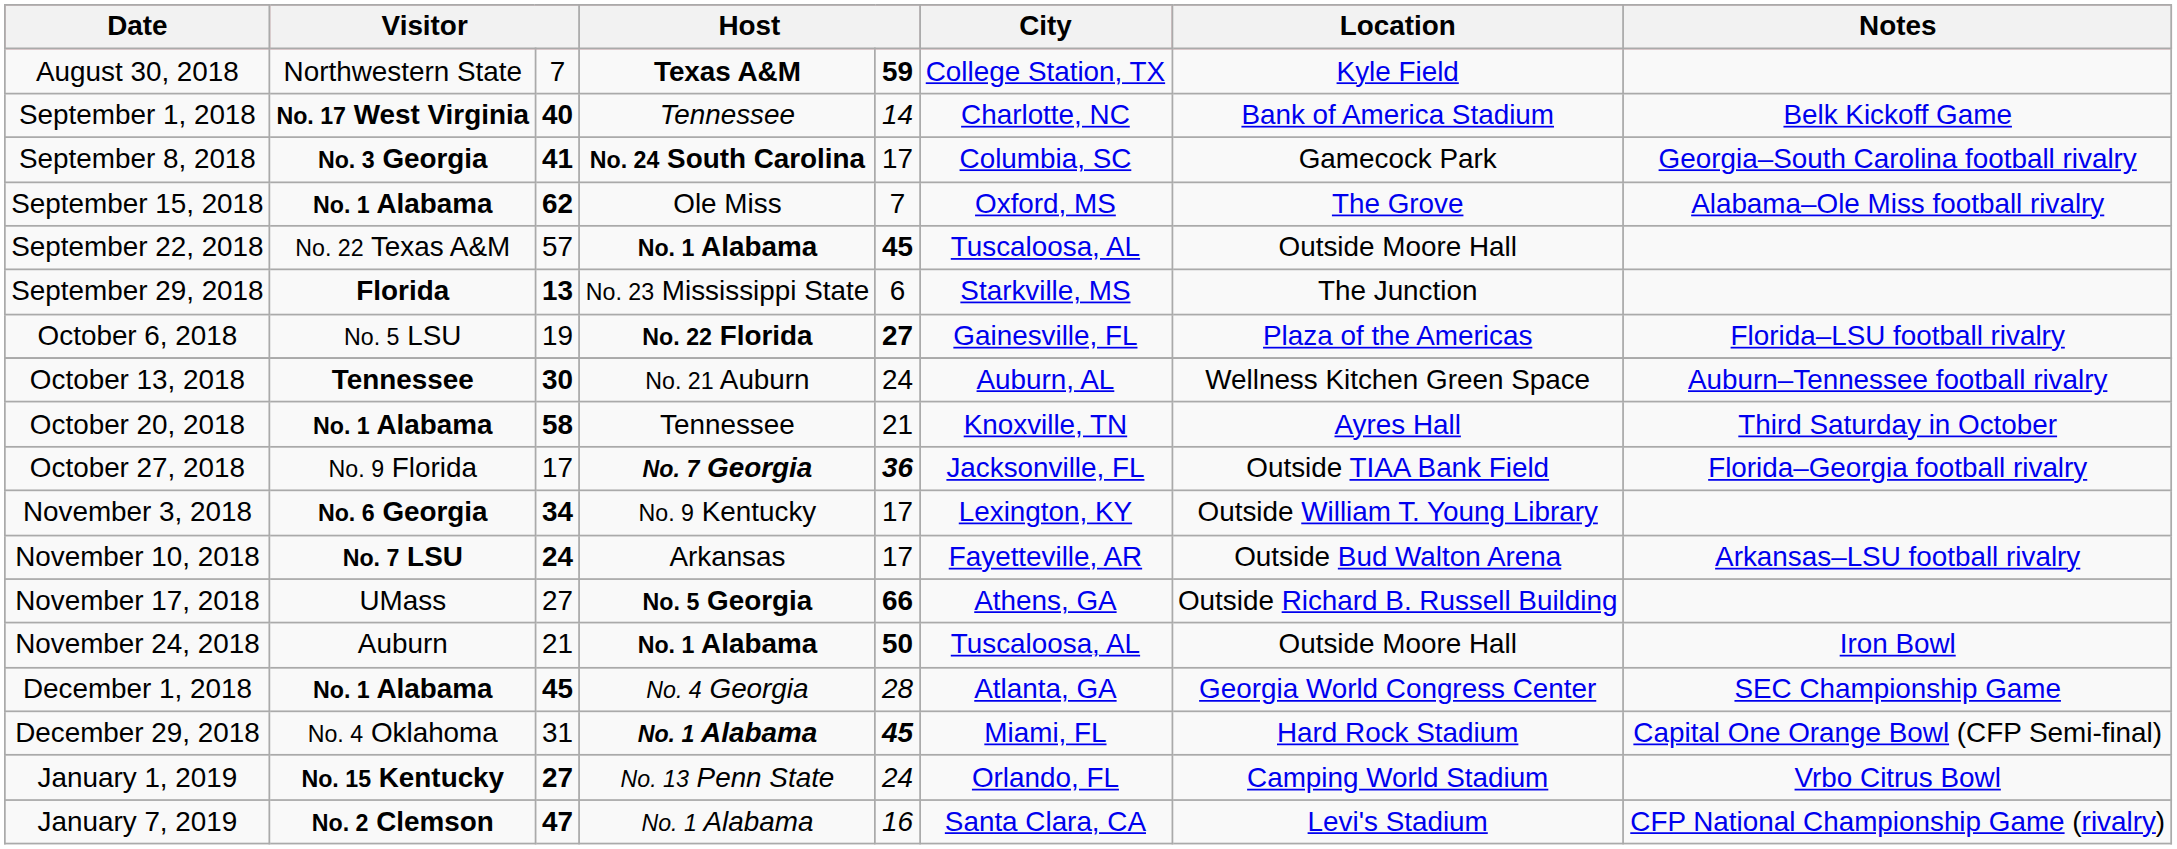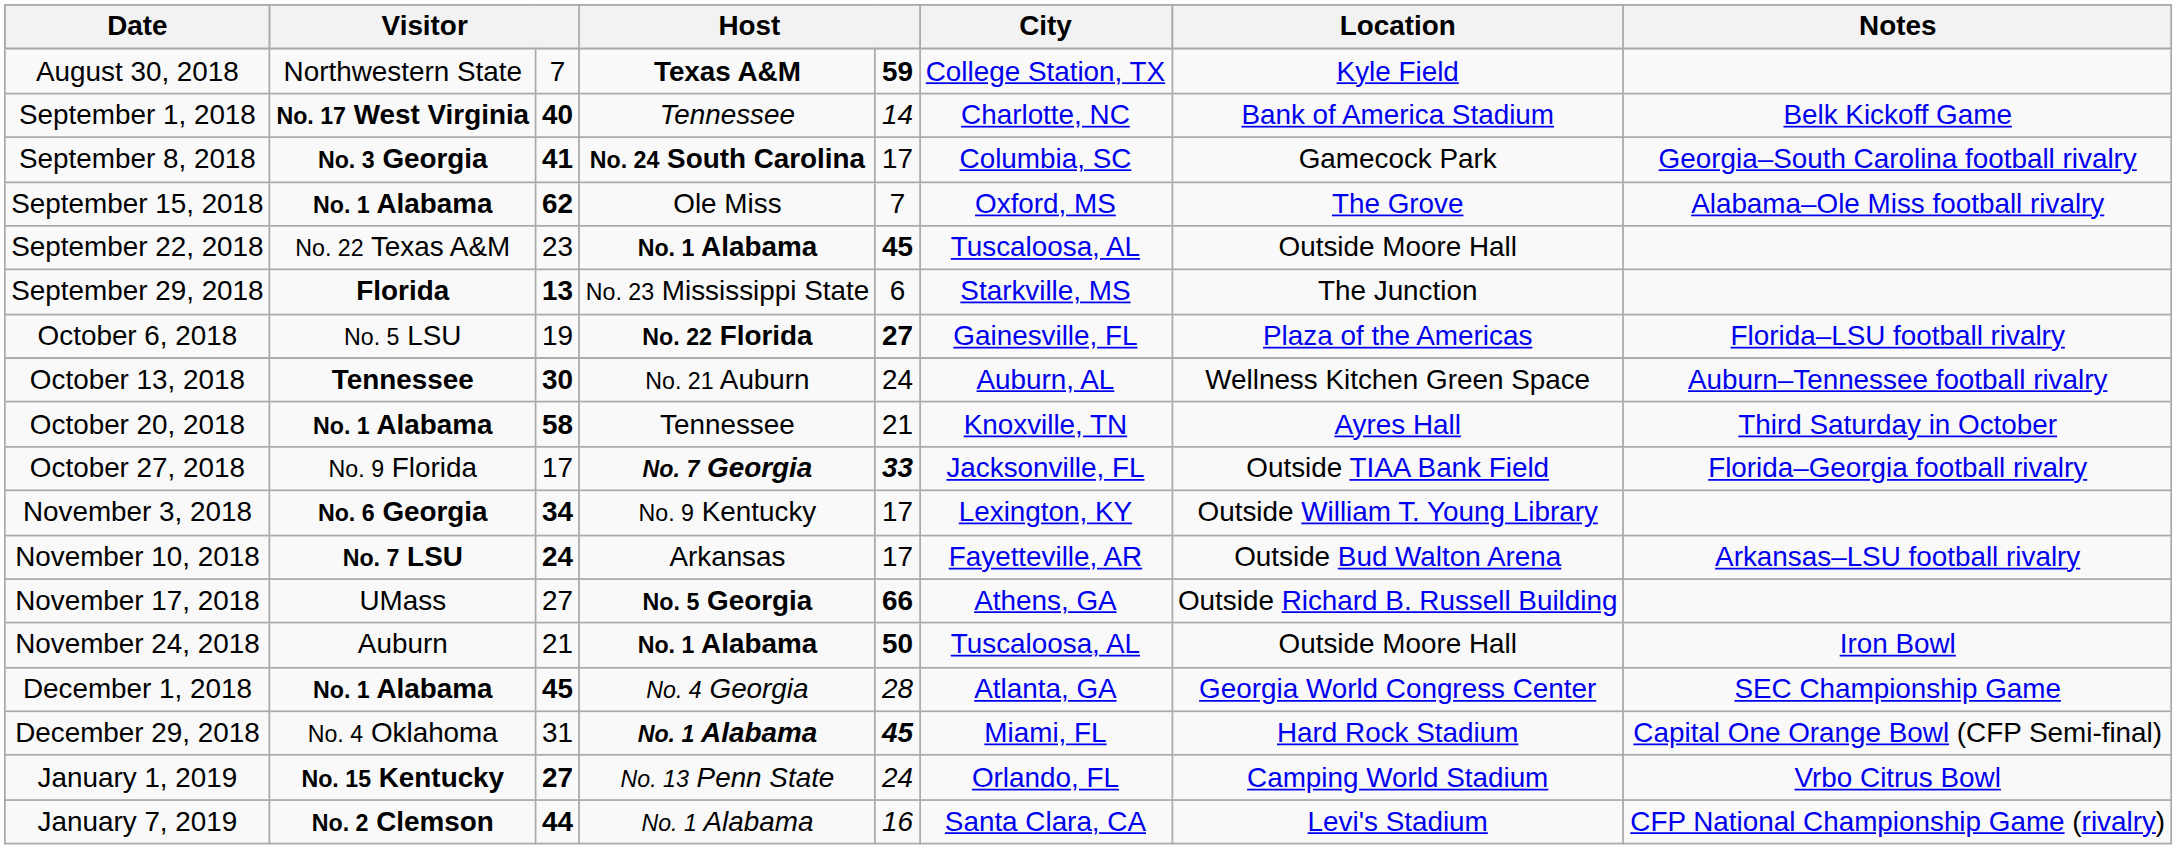 <table class="wikitable" style="text-align:center">
 <tr style="background:#A32638;"|>
 <th>Date</th>
 <th colspan=2>Visitor</th>
 <th colspan=2>Host</th>
 <th>City</th>
 <th>Location</th>
 <th>Notes</th>
 </tr>
 <tr>
 <td>August 30, 2018</td>
 <td>Northwestern State</td>
 <td>7</td>
 <td><strong>Texas A&M</strong></td>
 <td><strong>59</strong></td>
 <td><a href='#'>College Station, TX</a></td>
 <td><a href='#'>Kyle Field</a></td>
 <td></td>
 </tr>
 <tr>
 <td>September 1, 2018</td>
 <td><strong><small>No. 17</small> West Virginia</strong></td>
 <td><strong>40</strong></td>
 <td><em>Tennessee</em></td>
 <td><em>14</em></td>
 <td><a href='#'>Charlotte, NC</a></td>
 <td><a href='#'>Bank of America Stadium</a></td>
 <td><a href='#'>Belk Kickoff Game</a></td>
 </tr>
 <tr>
 <td>September 8, 2018</td>
 <td><strong><small>No. 3</small> Georgia</strong></td>
 <td><strong>41</strong></td>
 <td><strong><small>No. 24</small> South Carolina </strong></td>
 <td>17</td>
 <td><a href='#'>Columbia, SC</a></td>
 <td>Gamecock Park</td>
 <td><a href='#'>Georgia–South Carolina football rivalry</a></td>
 </tr>
 <tr>
 <td>September 15, 2018</td>
 <td><strong><small>No. 1</small> Alabama</strong></td>
 <td><strong>62</strong></td>
 <td>Ole Miss</td>
 <td>7</td>
 <td><a href='#'>Oxford, MS</a></td>
 <td><a href='#'>The Grove</a></td>
 <td><a href='#'>Alabama–Ole Miss football rivalry</a></td>
 </tr>
 <tr>
 <td>September 22, 2018</td>
 <td><small>No. 22</small> Texas A&M</td>
-<td>57</td>
+<td>23</td>
 <td><strong><small>No. 1</small> Alabama</strong></td>
 <td><strong>45</strong></td>
 <td><a href='#'>Tuscaloosa, AL</a></td>
 <td>Outside Moore Hall</td>
 <td></td>
 </tr>
 <tr>
 <td>September 29, 2018</td>
 <td><strong>Florida</strong></td>
 <td><strong>13</strong></td>
 <td><small>No. 23</small> Mississippi State</td>
 <td>6</td>
 <td><a href='#'>Starkville, MS</a></td>
 <td>The Junction</td>
 <td></td>
 </tr>
 <tr>
 <td>October 6, 2018</td>
 <td><small>No. 5</small> LSU</td>
 <td>19</td>
 <td><strong><small>No. 22</small> Florida</strong></td>
 <td><strong>27</strong></td>
 <td><a href='#'>Gainesville, FL</a></td>
 <td><a href='#'>Plaza of the Americas</a></td>
 <td><a href='#'>Florida–LSU football rivalry</a></td>
 </tr>
 <tr>
 </tr>
 <tr>
 <td>October 13, 2018</td>
 <td><strong>Tennessee</strong></td>
 <td><strong>30</strong></td>
 <td><small>No. 21</small> Auburn</td>
 <td>24</td>
 <td><a href='#'>Auburn, AL</a></td>
 <td>Wellness Kitchen Green Space</td>
 <td><a href='#'>Auburn–Tennessee football rivalry</a></td>
 </tr>
 <tr>
 <td>October 20, 2018</td>
 <td><strong><small>No. 1</small> Alabama</strong></td>
 <td><strong>58</strong></td>
 <td>Tennessee</td>
 <td>21</td>
 <td><a href='#'>Knoxville, TN</a></td>
 <td><a href='#'>Ayres Hall</a></td>
 <td><a href='#'>Third Saturday in October</a></td>
 </tr>
 <tr>
 <td>October 27, 2018</td>
 <td><small>No. 9</small> Florida</td>
 <td>17</td>
 <td><strong><em><small>No. 7</small> Georgia</em></strong></td>
-<td><strong><em>36</em></strong></td>
+<td><strong><em>33</em></strong></td>
 <td><a href='#'>Jacksonville, FL</a></td>
 <td>Outside <a href='#'>TIAA Bank Field</a></td>
 <td><a href='#'>Florida–Georgia football rivalry</a></td>
 </tr>
 <tr>
 <td>November 3, 2018</td>
 <td><strong><small>No. 6</small> Georgia</strong></td>
 <td><strong>34</strong></td>
 <td><small>No. 9</small> Kentucky</td>
 <td>17</td>
 <td><a href='#'>Lexington, KY</a></td>
 <td>Outside <a href='#'>William T. Young Library</a></td>
 <td></td>
 </tr>
 <tr>
 <td>November 10, 2018</td>
 <td><strong><small>No. 7</small> LSU</strong></td>
 <td><strong>24</strong></td>
 <td><small></small> Arkansas</td>
 <td>17</td>
 <td><a href='#'>Fayetteville, AR</a></td>
 <td>Outside <a href='#'>Bud Walton Arena</a></td>
 <td><a href='#'>Arkansas–LSU football rivalry</a></td>
 </tr>
 <tr>
 <td>November 17, 2018</td>
 <td><small></small>UMass</td>
 <td>27</td>
 <td><strong><small>No. 5</small> Georgia</strong></td>
 <td><strong>66</strong></td>
 <td><a href='#'>Athens, GA</a></td>
 <td>Outside <a href='#'>Richard B. Russell Building</a></td>
 <td></td>
 </tr>
 <tr>
 <td>November 24, 2018</td>
 <td>Auburn</td>
 <td>21</td>
 <td><strong><small>No. 1</small> Alabama</strong></td>
 <td><strong>50</strong></td>
 <td><a href='#'>Tuscaloosa, AL</a></td>
 <td>Outside Moore Hall</td>
 <td><a href='#'>Iron Bowl</a></td>
 </tr>
 <tr>
 <td>December 1, 2018</td>
 <td><strong><small>No. 1</small> Alabama</strong></td>
 <td><strong>45</strong></td>
 <td><em><small>No. 4</small> Georgia</em></td>
 <td><em>28</em></td>
 <td><a href='#'>Atlanta, GA</a></td>
 <td><a href='#'>Georgia World Congress Center</a></td>
 <td><a href='#'>SEC Championship Game</a></td>
 </tr>
 <tr>
 <td>December 29, 2018</td>
 <td><small>No. 4</small> Oklahoma</td>
 <td>31</td>
 <td><strong><em><small>No. 1</small> Alabama</em></strong></td>
 <td><strong><em>45</em></strong></td>
 <td><a href='#'>Miami, FL</a></td>
 <td><a href='#'>Hard Rock Stadium</a></td>
 <td><a href='#'>Capital One Orange Bowl</a> (CFP Semi-final)</td>
 </tr>
 <tr>
 <td>January 1, 2019</td>
 <td><strong><small>No. 15</small> Kentucky</strong></td>
 <td><strong>27</strong></td>
 <td><em><small>No. 13</small> Penn State</em></td>
 <td><em>24</em></td>
 <td><a href='#'>Orlando, FL</a></td>
 <td><a href='#'>Camping World Stadium</a></td>
 <td><a href='#'>Vrbo Citrus Bowl</a></td>
 </tr>
 <tr>
 <td>January 7, 2019</td>
 <td><strong><small>No. 2</small> Clemson</strong></td>
-<td><strong>47</strong></td>
+<td><strong>44</strong></td>
 <td><em><small>No. 1</small> Alabama</em></td>
 <td><em>16</em></td>
 <td><a href='#'>Santa Clara, CA</a></td>
 <td><a href='#'>Levi's Stadium</a></td>
 <td><a href='#'>CFP National Championship Game</a> (<a href='#'>rivalry</a>)</td>
 </tr>
 </table>
